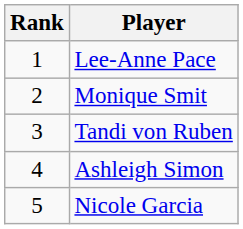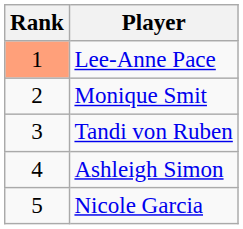 <table class="wikitable">
 <tr>
 <th>Rank</th>
 <th>Player</th>
 </tr>
 <tr>
-<td align=center>1</td>
+<td align=center style="background: lightsalmon;">1</td>
 <td> <a href='#'>Lee-Anne Pace</a></td>
 </tr>
 <tr>
 <td align=center>2</td>
 <td> <a href='#'>Monique Smit</a></td>
 </tr>
 <tr>
 <td align=center>3</td>
 <td> <a href='#'>Tandi von Ruben</a></td>
 </tr>
 <tr>
 <td align=center>4</td>
 <td> <a href='#'>Ashleigh Simon</a></td>
 </tr>
 <tr>
 <td align=center>5</td>
 <td> <a href='#'>Nicole Garcia</a></td>
 </tr>
 </table>
